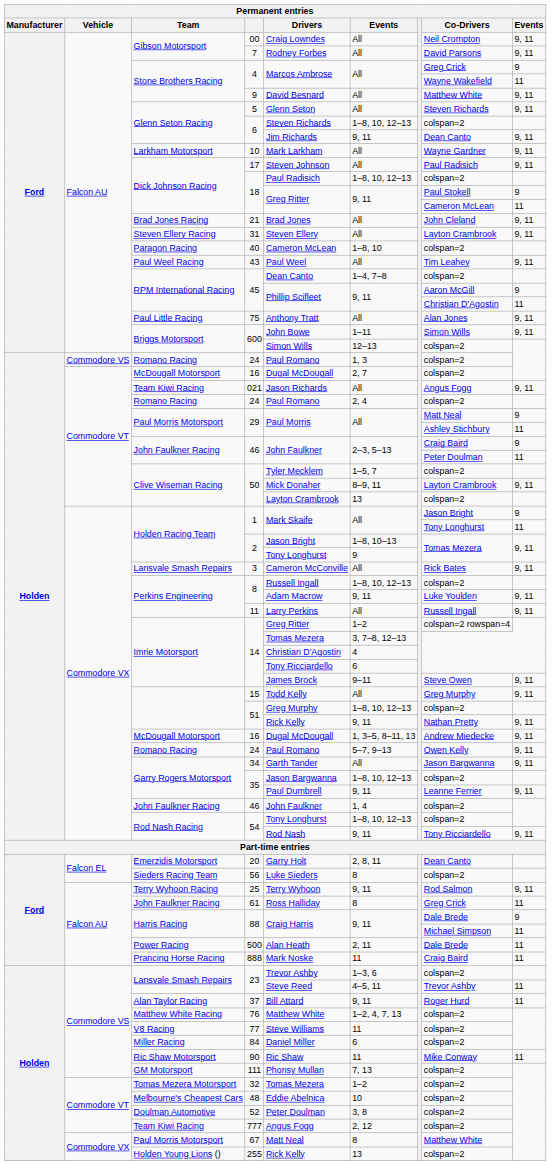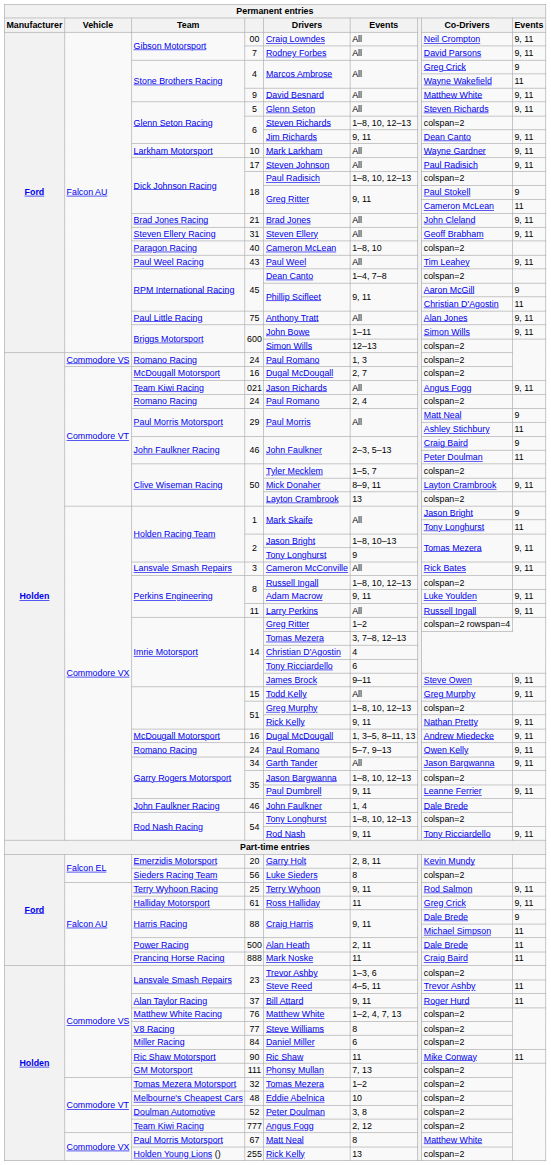 <table class="wikitable" style="font-size: 85%;">
 <tr>
 <th colspan=9>Permanent entries</th>
 </tr>
 <tr>
 <th>Manufacturer</th>
 <th>Vehicle</th>
 <th>Team</th>
 <th></th>
 <th>Drivers</th>
 <th>Events</th>
 <th rowspan=59></th>
 <th>Co-Drivers</th>
 <th>Events</th>
 </tr>
 <tr>
 <th rowspan=23><a href='#'>Ford</a></th>
 <td rowspan=23><a href='#'>Falcon AU</a></td>
 <td rowspan=2><a href='#'>Gibson Motorsport</a></td>
 <td align=center>00</td>
 <td> <a href='#'>Craig Lowndes</a></td>
 <td>All</td>
 <td> <a href='#'>Neil Crompton</a></td>
 <td>9, 11</td>
 </tr>
 <tr>
 <td align=center>7</td>
 <td> <a href='#'>Rodney Forbes</a></td>
 <td>All</td>
 <td> <a href='#'>David Parsons</a></td>
 <td>9, 11</td>
 </tr>
 <tr>
 <td rowspan=3><a href='#'>Stone Brothers Racing</a></td>
 <td rowspan=2 align=center>4</td>
 <td rowspan=2> <a href='#'>Marcos Ambrose</a></td>
 <td rowspan=2>All</td>
 <td> <a href='#'>Greg Crick</a></td>
 <td>9</td>
 </tr>
 <tr>
 <td> <a href='#'>Wayne Wakefield</a></td>
 <td>11</td>
 </tr>
 <tr>
 <td align="center">9</td>
 <td> <a href='#'>David Besnard</a></td>
 <td>All</td>
 <td> <a href='#'>Matthew White</a></td>
 <td>9, 11</td>
 </tr>
 <tr>
 <td rowspan=3><a href='#'>Glenn Seton Racing</a></td>
 <td align=center>5</td>
 <td> <a href='#'>Glenn Seton</a></td>
 <td>All</td>
 <td> <a href='#'>Steven Richards</a></td>
 <td>9, 11</td>
 </tr>
 <tr>
 <td rowspan=2 align=center>6</td>
 <td> <a href='#'>Steven Richards</a></td>
 <td>1–8, 10, 12–13</td>
 <td>colspan=2 </td>
 </tr>
 <tr>
 <td> <a href='#'>Jim Richards</a></td>
 <td>9, 11</td>
 <td> <a href='#'>Dean Canto</a></td>
 <td>9, 11</td>
 </tr>
 <tr>
 <td><a href='#'>Larkham Motorsport</a></td>
 <td align=center>10</td>
 <td> <a href='#'>Mark Larkham</a></td>
 <td>All</td>
 <td> <a href='#'>Wayne Gardner</a></td>
 <td>9, 11</td>
 </tr>
 <tr>
 <td rowspan=4><a href='#'>Dick Johnson Racing</a></td>
 <td align=center>17</td>
 <td> <a href='#'>Steven Johnson</a></td>
 <td>All</td>
 <td> <a href='#'>Paul Radisich</a></td>
 <td>9, 11</td>
 </tr>
 <tr>
 <td rowspan=3 align=center>18</td>
 <td> <a href='#'>Paul Radisich</a></td>
 <td>1–8, 10, 12–13</td>
 <td>colspan=2 </td>
 </tr>
 <tr>
 <td rowspan=2> <a href='#'>Greg Ritter</a></td>
 <td rowspan=2>9, 11</td>
 <td> <a href='#'>Paul Stokell</a></td>
 <td>9</td>
 </tr>
 <tr>
 <td> <a href='#'>Cameron McLean</a></td>
 <td>11</td>
 </tr>
 <tr>
 <td><a href='#'>Brad Jones Racing</a></td>
 <td align=center>21</td>
 <td> <a href='#'>Brad Jones</a></td>
 <td>All</td>
 <td> <a href='#'>John Cleland</a></td>
 <td>9, 11</td>
 </tr>
 <tr>
 <td><a href='#'>Steven Ellery Racing</a></td>
 <td align=center>31</td>
 <td> <a href='#'>Steven Ellery</a></td>
 <td>All</td>
-<td> <a href='#'>Layton Crambrook</a></td>
+<td> <a href='#'>Geoff Brabham</a></td>
 <td>9, 11</td>
 </tr>
 <tr>
 <td><a href='#'>Paragon Racing</a></td>
 <td align=center>40</td>
 <td> <a href='#'>Cameron McLean</a></td>
 <td>1–8, 10</td>
 <td>colspan=2 </td>
 </tr>
 <tr>
 <td><a href='#'>Paul Weel Racing</a></td>
 <td align=center>43</td>
 <td> <a href='#'>Paul Weel</a></td>
 <td>All</td>
 <td> <a href='#'>Tim Leahey</a></td>
 <td>9, 11</td>
 </tr>
 <tr>
 <td rowspan=3><a href='#'>RPM International Racing</a></td>
 <td rowspan=3 align=center>45</td>
 <td> <a href='#'>Dean Canto</a></td>
 <td>1–4, 7–8</td>
 <td>colspan=2 </td>
 </tr>
 <tr>
 <td rowspan=2> <a href='#'>Phillip Scifleet</a></td>
 <td rowspan=2>9, 11</td>
 <td> <a href='#'>Aaron McGill</a></td>
 <td>9</td>
 </tr>
 <tr>
 <td> <a href='#'>Christian D'Agostin</a></td>
 <td>11</td>
 </tr>
 <tr>
 <td><a href='#'>Paul Little Racing</a></td>
 <td align=center>75</td>
 <td> <a href='#'>Anthony Tratt</a></td>
 <td>All</td>
 <td> <a href='#'>Alan Jones</a></td>
 <td>9, 11</td>
 </tr>
 <tr>
 <td rowspan=2><a href='#'>Briggs Motorsport</a></td>
 <td rowspan=2 align=center>600</td>
 <td> <a href='#'>John Bowe</a></td>
 <td>1–11</td>
 <td> <a href='#'>Simon Wills</a></td>
 <td>9, 11</td>
 </tr>
 <tr>
 <td> <a href='#'>Simon Wills</a></td>
 <td>12–13</td>
 <td>colspan=2 </td>
 </tr>
 <tr>
 <th rowspan=35><a href='#'>Holden</a></th>
 <td><a href='#'>Commodore VS</a></td>
 <td><a href='#'>Romano Racing</a></td>
 <td align=center>24</td>
 <td> <a href='#'>Paul Romano</a></td>
 <td>1, 3</td>
 <td>colspan=2 </td>
 </tr>
 <tr>
 <td rowspan=10><a href='#'>Commodore VT</a></td>
 <td><a href='#'>McDougall Motorsport</a></td>
 <td align=center>16</td>
 <td> <a href='#'>Dugal McDougall</a></td>
 <td>2, 7</td>
 <td>colspan=2 </td>
 </tr>
 <tr>
 <td><a href='#'>Team Kiwi Racing</a></td>
 <td align=center>021</td>
 <td> <a href='#'>Jason Richards</a></td>
 <td>All</td>
 <td> <a href='#'>Angus Fogg</a></td>
 <td>9, 11</td>
 </tr>
 <tr>
 <td><a href='#'>Romano Racing</a></td>
 <td align=center>24</td>
 <td> <a href='#'>Paul Romano</a></td>
 <td>2, 4</td>
 <td>colspan=2 </td>
 </tr>
 <tr>
 <td rowspan=2><a href='#'>Paul Morris Motorsport</a></td>
 <td rowspan=2 align=center>29</td>
 <td rowspan=2> <a href='#'>Paul Morris</a></td>
 <td rowspan=2>All</td>
 <td> <a href='#'>Matt Neal</a></td>
 <td>9</td>
 </tr>
 <tr>
 <td> <a href='#'>Ashley Stichbury</a></td>
 <td>11</td>
 </tr>
 <tr>
 <td rowspan=2><a href='#'>John Faulkner Racing</a></td>
 <td rowspan=2 align=center>46</td>
 <td rowspan=2> <a href='#'>John Faulkner</a></td>
 <td rowspan=2>2–3, 5–13</td>
 <td> <a href='#'>Craig Baird</a></td>
 <td>9</td>
 </tr>
 <tr>
 <td> <a href='#'>Peter Doulman</a></td>
 <td>11</td>
 </tr>
 <tr>
 <td rowspan=3><a href='#'>Clive Wiseman Racing</a></td>
 <td rowspan=3 align=center>50</td>
 <td> <a href='#'>Tyler Mecklem</a></td>
 <td>1–5, 7</td>
 <td>colspan=2 </td>
 </tr>
 <tr>
 <td> <a href='#'>Mick Donaher</a></td>
 <td>8–9, 11</td>
 <td> <a href='#'>Layton Crambrook</a></td>
 <td>9, 11</td>
 </tr>
 <tr>
 <td> <a href='#'>Layton Crambrook</a></td>
 <td>13</td>
 <td>colspan=2 </td>
 </tr>
 <tr>
 <td rowspan=24><a href='#'>Commodore VX</a></td>
 <td rowspan=4><a href='#'>Holden Racing Team</a></td>
 <td rowspan=2 align=center>1</td>
 <td rowspan=2> <a href='#'>Mark Skaife</a></td>
 <td rowspan=2>All</td>
 <td> <a href='#'>Jason Bright</a></td>
 <td>9</td>
 </tr>
 <tr>
 <td> <a href='#'>Tony Longhurst</a></td>
 <td>11</td>
 </tr>
 <tr>
 <td rowspan=2 align=center>2</td>
 <td> <a href='#'>Jason Bright</a></td>
 <td>1–8, 10–13</td>
 <td rowspan=2> <a href='#'>Tomas Mezera</a></td>
 <td rowspan=2>9, 11</td>
 </tr>
 <tr>
 <td> <a href='#'>Tony Longhurst</a></td>
 <td>9</td>
 </tr>
 <tr>
 <td><a href='#'>Lansvale Smash Repairs</a></td>
 <td align=center>3</td>
 <td> <a href='#'>Cameron McConville</a></td>
 <td>All</td>
 <td> <a href='#'>Rick Bates</a></td>
 <td>9, 11</td>
 </tr>
 <tr>
 <td rowspan=3><a href='#'>Perkins Engineering</a></td>
 <td rowspan=2 align=center>8</td>
 <td> <a href='#'>Russell Ingall</a></td>
 <td>1–8, 10, 12–13</td>
 <td>colspan=2 </td>
 </tr>
 <tr>
 <td> <a href='#'>Adam Macrow</a></td>
 <td>9, 11</td>
 <td> <a href='#'>Luke Youlden</a></td>
 <td>9, 11</td>
 </tr>
 <tr>
 <td align=center>11</td>
 <td> <a href='#'>Larry Perkins</a></td>
 <td>All</td>
 <td> <a href='#'>Russell Ingall</a></td>
 <td>9, 11</td>
 </tr>
 <tr>
 <td rowspan=5><a href='#'>Imrie Motorsport</a></td>
 <td align=center rowspan=5>14</td>
 <td> <a href='#'>Greg Ritter</a></td>
 <td>1–2</td>
 <td>colspan=2 rowspan=4 </td>
 </tr>
 <tr>
 <td> <a href='#'>Tomas Mezera</a></td>
 <td>3, 7–8, 12–13</td>
 </tr>
 <tr>
 <td> <a href='#'>Christian D'Agostin</a></td>
 <td>4</td>
 </tr>
 <tr>
 <td> <a href='#'>Tony Ricciardello</a></td>
 <td>6</td>
 </tr>
 <tr>
 <td> <a href='#'>James Brock</a></td>
 <td>9–11</td>
 <td> <a href='#'>Steve Owen</a></td>
 <td>9, 11</td>
 </tr>
 <tr>
 <td rowspan=3></td>
 <td align=center>15</td>
 <td> <a href='#'>Todd Kelly</a></td>
 <td>All</td>
 <td> <a href='#'>Greg Murphy</a></td>
 <td>9, 11</td>
 </tr>
 <tr>
 <td rowspan=2 align=center>51</td>
 <td> <a href='#'>Greg Murphy</a></td>
 <td>1–8, 10, 12–13</td>
 <td>colspan=2 </td>
 </tr>
 <tr>
 <td> <a href='#'>Rick Kelly</a></td>
 <td>9, 11</td>
 <td> <a href='#'>Nathan Pretty</a></td>
 <td>9, 11</td>
 </tr>
 <tr>
 <td><a href='#'>McDougall Motorsport</a></td>
 <td align=center>16</td>
 <td> <a href='#'>Dugal McDougall</a></td>
 <td>1, 3–5, 8–11, 13</td>
 <td> <a href='#'>Andrew Miedecke</a></td>
 <td>9, 11</td>
 </tr>
 <tr>
 <td><a href='#'>Romano Racing</a></td>
 <td align=center>24</td>
 <td> <a href='#'>Paul Romano</a></td>
 <td>5–7, 9–13</td>
 <td> <a href='#'>Owen Kelly</a></td>
 <td>9, 11</td>
 </tr>
 <tr>
 <td rowspan=3><a href='#'>Garry Rogers Motorsport</a></td>
 <td align=center>34</td>
 <td> <a href='#'>Garth Tander</a></td>
 <td>All</td>
 <td> <a href='#'>Jason Bargwanna</a></td>
 <td>9, 11</td>
 </tr>
 <tr>
 <td rowspan=2 align=center>35</td>
 <td> <a href='#'>Jason Bargwanna</a></td>
 <td>1–8, 10, 12–13</td>
 <td>colspan=2 </td>
 </tr>
 <tr>
 <td> <a href='#'>Paul Dumbrell</a></td>
 <td>9, 11</td>
 <td> <a href='#'>Leanne Ferrier</a></td>
 <td>9, 11</td>
 </tr>
 <tr>
 <td><a href='#'>John Faulkner Racing</a></td>
 <td align=center>46</td>
 <td> <a href='#'>John Faulkner</a></td>
 <td>1, 4</td>
-<td>colspan=2 </td>
+<td> <a href='#'>Dale Brede</a></td>
 </tr>
 <tr>
 <td rowspan=2><a href='#'>Rod Nash Racing</a></td>
 <td rowspan=2 align=center>54</td>
 <td> <a href='#'>Tony Longhurst</a></td>
 <td>1–8, 10, 12–13</td>
 <td>colspan=2 </td>
 </tr>
 <tr>
 <td> <a href='#'>Rod Nash</a></td>
 <td>9, 11</td>
 <td> <a href='#'>Tony Ricciardello</a></td>
 <td>9, 11</td>
 </tr>
 <tr>
 <th colspan=9>Part-time entries</th>
 </tr>
 <tr>
 <th rowspan=8><a href='#'>Ford</a></th>
 <td rowspan=2><a href='#'>Falcon EL</a></td>
 <td><a href='#'>Emerzidis Motorsport</a></td>
 <td align=center>20</td>
 <td> <a href='#'>Garry Holt</a></td>
 <td>2, 8, 11</td>
 <th rowspan=22></th>
-<td> <a href='#'>Dean Canto</a></td>
+<td> <a href='#'>Kevin Mundy</a></td>
 <td></td>
 </tr>
 <tr>
 <td><a href='#'>Sieders Racing Team</a></td>
 <td align=center>56</td>
 <td> <a href='#'>Luke Sieders</a></td>
 <td>8</td>
 <td>colspan=2 </td>
 </tr>
 <tr>
 <td rowspan=6><a href='#'>Falcon AU</a></td>
 <td><a href='#'>Terry Wyhoon Racing</a></td>
 <td align=center>25</td>
 <td> <a href='#'>Terry Wyhoon</a></td>
 <td>9, 11</td>
 <td> <a href='#'>Rod Salmon</a></td>
 <td>9, 11</td>
 </tr>
 <tr>
-<td><a href='#'>John Faulkner Racing</a></td>
+<td><a href='#'>Halliday Motorsport</a></td>
 <td align=center>61</td>
 <td> <a href='#'>Ross Halliday</a></td>
-<td>8</td>
+<td>11</td>
 <td> <a href='#'>Greg Crick</a></td>
-<td>11</td>
+<td>9, 11</td>
 </tr>
 <tr>
 <td rowspan=2><a href='#'>Harris Racing</a></td>
 <td rowspan=2 align=center>88</td>
 <td rowspan=2> <a href='#'>Craig Harris</a></td>
 <td rowspan=2>9, 11</td>
 <td> <a href='#'>Dale Brede</a></td>
 <td>9</td>
 </tr>
 <tr>
 <td> <a href='#'>Michael Simpson</a></td>
 <td>11</td>
 </tr>
 <tr>
 <td><a href='#'>Power Racing</a></td>
 <td align=center>500</td>
 <td> <a href='#'>Alan Heath</a></td>
 <td>2, 11</td>
 <td> <a href='#'>Dale Brede</a></td>
 <td>11</td>
 </tr>
 <tr>
 <td><a href='#'>Prancing Horse Racing</a></td>
 <td align=center>888</td>
 <td> <a href='#'>Mark Noske</a></td>
 <td>11</td>
 <td> <a href='#'>Craig Baird</a></td>
 <td>11</td>
 </tr>
 <tr>
 <th rowspan=14><a href='#'>Holden</a></th>
 <td rowspan=8><a href='#'>Commodore VS</a></td>
 <td rowspan=2><a href='#'>Lansvale Smash Repairs</a></td>
 <td rowspan=2 align=center>23</td>
 <td> <a href='#'>Trevor Ashby</a></td>
 <td>1–3, 6</td>
 <td>colspan=2 </td>
 </tr>
 <tr>
 <td> <a href='#'>Steve Reed</a></td>
 <td>4–5, 11</td>
 <td> <a href='#'>Trevor Ashby</a></td>
 <td>11</td>
 </tr>
 <tr>
 <td><a href='#'>Alan Taylor Racing</a></td>
 <td align=center>37</td>
 <td> <a href='#'>Bill Attard</a></td>
 <td>9, 11</td>
 <td> <a href='#'>Roger Hurd</a></td>
 <td>11</td>
 </tr>
 <tr>
 <td><a href='#'>Matthew White Racing</a></td>
 <td align=center>76</td>
 <td> <a href='#'>Matthew White</a></td>
 <td>1–2, 4, 7, 13</td>
 <td>colspan=2 </td>
 </tr>
 <tr>
 <td><a href='#'>V8 Racing</a></td>
 <td align=center>77</td>
 <td> <a href='#'>Steve Williams</a></td>
-<td>11</td>
+<td>8</td>
 <td>colspan=2 </td>
 </tr>
 <tr>
 <td><a href='#'>Miller Racing</a></td>
 <td align=center>84</td>
 <td> <a href='#'>Daniel Miller</a></td>
 <td>6</td>
 <td>colspan=2 </td>
 </tr>
 <tr>
 <td><a href='#'>Ric Shaw Motorsport</a></td>
 <td align=center>90</td>
 <td> <a href='#'>Ric Shaw</a></td>
 <td>11</td>
 <td> <a href='#'>Mike Conway</a></td>
 <td>11</td>
 </tr>
 <tr>
 <td><a href='#'>GM Motorsport</a></td>
 <td align=center>111</td>
 <td> <a href='#'>Phonsy Mullan</a></td>
 <td>7, 13</td>
 <td>colspan=2 </td>
 </tr>
 <tr>
 <td rowspan=4><a href='#'>Commodore VT</a></td>
 <td><a href='#'>Tomas Mezera Motorsport</a></td>
 <td align=center>32</td>
 <td> <a href='#'>Tomas Mezera</a></td>
 <td>1–2</td>
 <td>colspan=2 </td>
 </tr>
 <tr>
 <td><a href='#'>Melbourne's Cheapest Cars</a></td>
 <td align=center>48</td>
 <td> <a href='#'>Eddie Abelnica</a></td>
 <td>10</td>
 <td>colspan=2 </td>
 </tr>
 <tr>
 <td><a href='#'>Doulman Automotive</a></td>
 <td align=center>52</td>
 <td> <a href='#'>Peter Doulman</a></td>
 <td>3, 8</td>
 <td>colspan=2 </td>
 </tr>
 <tr>
 <td><a href='#'>Team Kiwi Racing</a></td>
 <td align=center>777</td>
 <td> <a href='#'>Angus Fogg</a></td>
 <td>2, 12</td>
 <td>colspan=2 </td>
 </tr>
 <tr>
 <td rowspan=2><a href='#'>Commodore VX</a></td>
 <td><a href='#'>Paul Morris Motorsport</a></td>
 <td align=center>67</td>
 <td> <a href='#'>Matt Neal</a></td>
 <td>8</td>
 <td> <a href='#'>Matthew White</a></td>
 </tr>
 <tr>
 <td><a href='#'>Holden Young Lions</a> ()</td>
 <td align=center>255</td>
 <td> <a href='#'>Rick Kelly</a></td>
 <td>13</td>
 <td>colspan=2 </td>
 </tr>
 </table>
